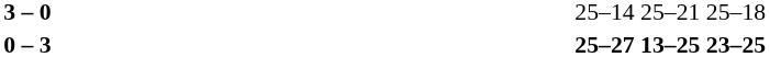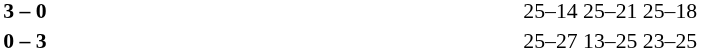 <table width=100% cellspacing=1>
 <tr>
 <th width=20%></th>
 <th width=12%></th>
 <th width=20%></th>
 <th width=33%></th>
 <td></td>
 </tr>
 <tr style=font-size:90%>
 <td align=right><strong></strong></td>
 <td align=center><strong>3 – 0</strong></td>
 <td></td>
 <td>25–14 25–21 25–18</td>
 <td></td>
 </tr>
 <tr style=font-size:90%>
 <td align=right></td>
 <td align=center><strong>0 – 3</strong></td>
 <td><strong></strong></td>
-<td><strong>25–27 13–25 23–25</strong></td>
+<td>25–27 13–25 23–25</td>
 </tr>
 </table>
